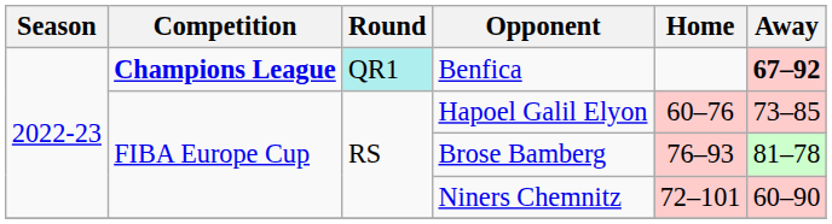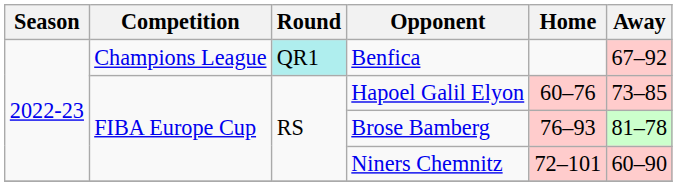 <table class="wikitable">
 <tr>
 <th>Season</th>
 <th>Competition</th>
 <th>Round</th>
 <th>Opponent</th>
 <th>Home</th>
 <th>Away</th>
 </tr>
 <tr>
 <td rowspan=4><a href='#'>2022-23</a></td>
-<td><strong><a href='#'>Champions League</a></strong></td>
+<td><a href='#'>Champions League</a></td>
 <td style="background: paleturquoise;">QR1</td>
 <td> <a href='#'>Benfica</a></td>
 <td bgcolor="" style="text-align:center;"></td>
-<td bgcolor="#fcc" style="text-align:center;"><strong>67–92</strong></td>
+<td bgcolor="#fcc" style="text-align:center;">67–92</td>
 </tr>
 <tr>
 <td rowspan=3><a href='#'>FIBA Europe Cup</a></td>
 <td rowspan=3>RS</td>
 <td> <a href='#'>Hapoel Galil Elyon</a></td>
 <td bgcolor="#fcc" style="text-align:center;">60–76</td>
 <td bgcolor="#fcc" style="text-align:center;">73–85</td>
 </tr>
 <tr>
 <td> <a href='#'>Brose Bamberg</a></td>
 <td bgcolor="#fcc" style="text-align:center;">76–93</td>
 <td bgcolor="#cfc" style="text-align:center;">81–78</td>
 </tr>
 <tr>
 <td> <a href='#'>Niners Chemnitz</a></td>
 <td bgcolor="#fcc" style="text-align:center;">72–101</td>
 <td bgcolor="#fcc" style="text-align:center;">60–90</td>
 </tr>
 <tr>
 </tr>
 </table>
